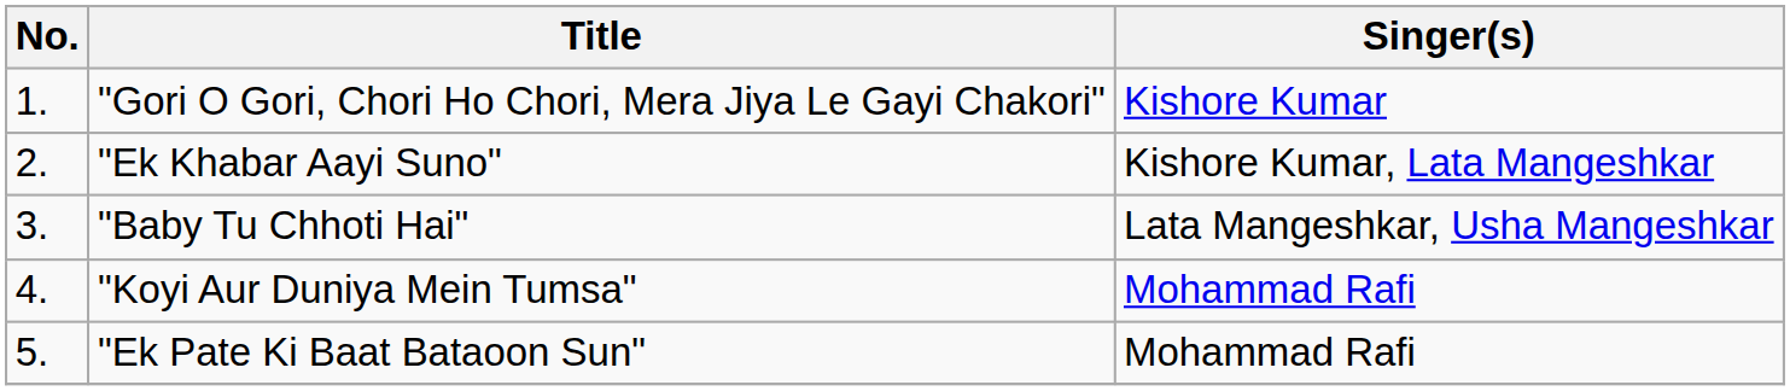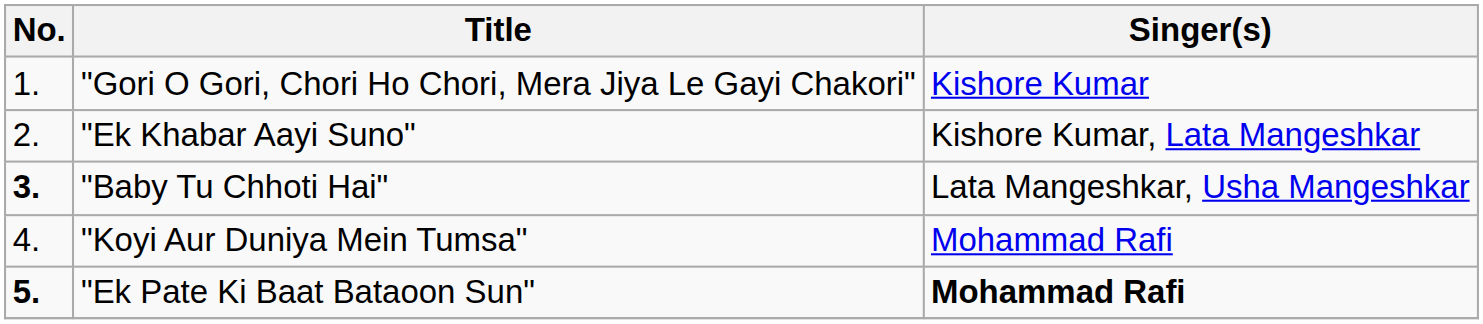 <table class="wikitable">
 <tr>
 <th>No.</th>
 <th>Title</th>
 <th>Singer(s)</th>
 </tr>
 <tr>
 <td>1.</td>
 <td>"Gori O Gori, Chori Ho Chori, Mera Jiya Le Gayi Chakori"</td>
 <td><a href='#'>Kishore Kumar</a></td>
 </tr>
 <tr>
 <td>2.</td>
 <td>"Ek Khabar Aayi Suno"</td>
 <td>Kishore Kumar, <a href='#'>Lata Mangeshkar</a></td>
 </tr>
 <tr>
-<td>3.</td>
+<td><strong>3.</strong></td>
 <td>"Baby Tu Chhoti Hai"</td>
 <td>Lata Mangeshkar, <a href='#'>Usha Mangeshkar</a></td>
 </tr>
 <tr>
 <td>4.</td>
 <td>"Koyi Aur Duniya Mein Tumsa"</td>
 <td><a href='#'>Mohammad Rafi</a></td>
 </tr>
 <tr>
-<td>5.</td>
+<td><strong>5.</strong></td>
 <td>"Ek Pate Ki Baat Bataoon Sun"</td>
-<td>Mohammad Rafi</td>
+<td><strong>Mohammad Rafi</strong></td>
 </tr>
 <tr>
 </tr>
 </table>
